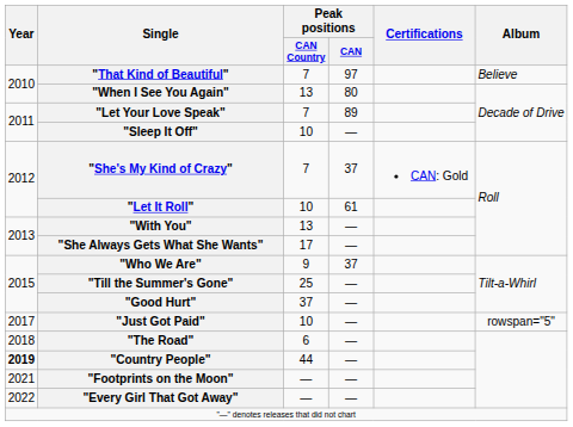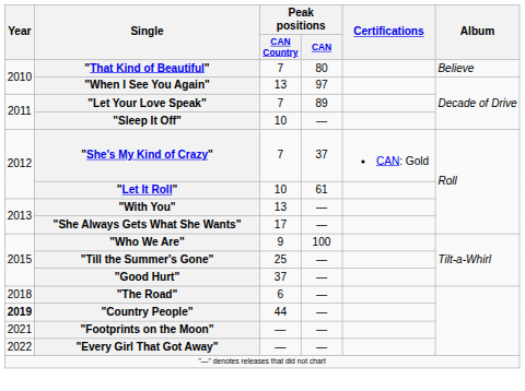 <table class="wikitable plainrowheaders" style="text-align:center;">
 <tr>
 <th rowspan="2">Year</th>
 <th rowspan="2" style="width:20em;">Single</th>
 <th colspan="2">Peak positions</th>
 <th scope="col" rowspan="2" style="width:8em;"><a href='#'>Certifications</a></th>
 <th rowspan="2">Album</th>
 </tr>
 <tr style="font-size:smaller;">
 <th style="width:4em;"><a href='#'>CAN Country</a><br></th>
 <th style="width:4em;"><a href='#'>CAN</a><br></th>
 </tr>
 <tr>
 <td rowspan="2">2010</td>
 <th scope="row">"<a href='#'>That Kind of Beautiful</a>"</th>
 <td>7</td>
-<td>97</td>
+<td>80</td>
 <td></td>
 <td align="left"><em>Believe</em></td>
 </tr>
 <tr>
 <th scope="row">"When I See You Again"</th>
 <td>13</td>
-<td>80</td>
+<td>97</td>
 <td></td>
 <td align="left" rowspan="3"><em>Decade of Drive</em></td>
 </tr>
 <tr>
 <td rowspan="2">2011</td>
 <th scope="row">"Let Your Love Speak"</th>
 <td>7</td>
 <td>89</td>
 <td></td>
 </tr>
 <tr>
 <th scope="row">"Sleep It Off"</th>
 <td>10</td>
 <td>—</td>
 <td></td>
 </tr>
 <tr>
 <td rowspan="2">2012</td>
 <th scope="row">"<a href='#'>She's My Kind of Crazy</a>"</th>
 <td>7</td>
 <td>37</td>
 <td><br><ul><li><a href='#'>CAN</a>: Gold</li></ul></td>
 <td align="left" rowspan="4"><em>Roll</em></td>
 </tr>
 <tr>
 <th scope="row">"<a href='#'>Let It Roll</a>" </th>
 <td>10</td>
 <td>61</td>
 <td></td>
 </tr>
 <tr>
 <td rowspan="2">2013</td>
 <th scope="row">"With You"</th>
 <td>13</td>
 <td>—</td>
 <td></td>
 </tr>
 <tr>
 <th scope="row">"She Always Gets What She Wants"</th>
 <td>17</td>
 <td>—</td>
 <td></td>
 </tr>
 <tr>
 <td rowspan="3">2015</td>
 <th scope="row">"Who We Are"</th>
 <td>9</td>
-<td>37</td>
+<td>100</td>
 <td></td>
 <td align="left" rowspan="3"><em>Tilt-a-Whirl</em></td>
 </tr>
 <tr>
 <th scope="row">"Till the Summer's Gone"</th>
 <td>25</td>
 <td>—</td>
 <td></td>
 </tr>
 <tr>
 <th scope="row">"Good Hurt"</th>
 <td>37</td>
 <td>—</td>
 <td></td>
-</tr>
-<tr>
-<td>2017</td>
-<th scope="row">"Just Got Paid"</th>
-<td>10</td>
-<td>—</td>
-<td></td>
-<td>rowspan="5" </td>
 </tr>
 <tr>
 <td>2018</td>
 <th scope="row">"The Road"</th>
 <td>6</td>
 <td>—</td>
 <td></td>
 </tr>
 <tr>
 <td><strong>2019</strong></td>
 <th scope="row">"Country People"</th>
 <td>44</td>
 <td>—</td>
 <td></td>
 </tr>
 <tr>
 <td>2021</td>
 <th scope="row">"Footprints on the Moon"</th>
 <td>—</td>
 <td>—</td>
 <td></td>
 </tr>
 <tr>
 <td>2022</td>
 <th scope="row">"Every Girl That Got Away"</th>
 <td>—</td>
 <td>—</td>
 <td></td>
 </tr>
 <tr>
 <td colspan="6" style="font-size:8pt">"—" denotes releases that did not chart</td>
 </tr>
 </table>
